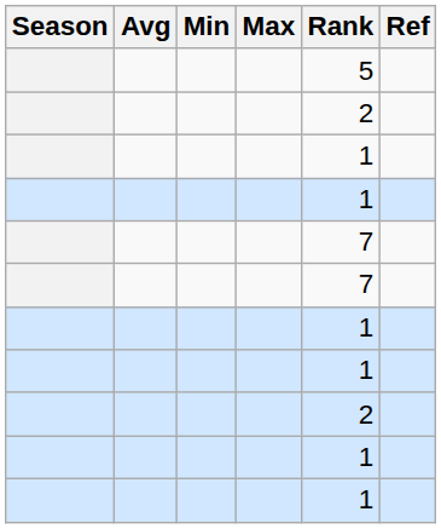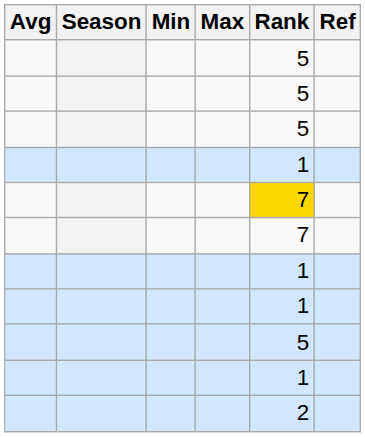 <table class="wikitable plainrowheaders sortable">
 <tr>
+<th scope=col>Avg</th>
 <th scope=col>Season</th>
-<th scope=col>Avg</th>
 <th scope=col>Min</th>
 <th scope=col>Max</th>
 <th scope=col>Rank</th>
 <th scope=col class="unsortable">Ref</th>
 </tr>
 <tr>
+<td stalign=right></td>
 <th scope=row align=right></th>
-<td stalign=right></td>
 <td align=right></td>
 <td align=right></td>
 <td align=right>5</td>
 <td align=center></td>
 </tr>
 <tr>
+<td align=right></td>
 <th scope=row align=right></th>
 <td align=right></td>
 <td align=right></td>
-<td align=right></td>
-<td align=right>2</td>
+<td align=right>5</td>
 <td align=center></td>
 </tr>
 <tr>
+<td align=right></td>
 <th scope=row align=right></th>
 <td align=right></td>
+<td align=right></td>
+<td align=right>5</td>
+<td align=center></td>
+</tr>
+<tr style="background-color: #D0E7FF">
+<td align=right></td>
+<th scope=row style="background-color: #D0E7FF" align=right></th>
+<td align=right></td>
+<td align=right></td>
+<td align=right>1</td>
+<td align=center></td>
+</tr>
+<tr>
+<td align=right></td>
+<th scope=row align=right></th>
+<td align=right></td>
+<td align=right></td>
+<td align=right style="background: gold;">7</td>
+<td align=center></td>
+</tr>
+<tr>
+<td align=right></td>
+<th scope=row align=right></th>
+<td align=right></td>
+<td align=right></td>
+<td align=right>7</td>
+<td align=center></td>
+</tr>
+<tr style="background-color: #D0E7FF">
+<td align=right></td>
+<th scope=row style="background-color: #D0E7FF" align=right></th>
 <td align=right></td>
 <td align=right></td>
 <td align=right>1</td>
 <td align=center></td>
 </tr>
 <tr style="background-color: #D0E7FF">
+<td align=right></td>
 <th scope=row style="background-color: #D0E7FF" align=right></th>
-<td align=right></td>
-<td align=right></td>
-<td align=right></td>
-<td align=right>1</td>
-<td align=center></td>
-</tr>
-<tr>
-<th scope=row align=right></th>
-<td align=right></td>
-<td align=right></td>
-<td align=right></td>
-<td align=right>7</td>
-<td align=center></td>
-</tr>
-<tr>
-<th scope=row align=right></th>
-<td align=right></td>
-<td align=right></td>
-<td align=right></td>
-<td align=right>7</td>
-<td align=center></td>
-</tr>
-<tr style="background-color: #D0E7FF">
-<th scope=row style="background-color: #D0E7FF" align=right></th>
-<td align=right></td>
 <td align=right></td>
 <td align=right></td>
 <td align=right>1</td>
 <td align=center></td>
 </tr>
 <tr style="background-color: #D0E7FF">
+<td align=right></td>
 <th scope=row style="background-color: #D0E7FF" align=right></th>
 <td align=right></td>
+<td align=right></td>
+<td align=right>5</td>
+<td align=center></td>
+</tr>
+<tr style="background-color: #D0E7FF">
+<td align=right></td>
+<th scope=row style="background-color: #D0E7FF" align=right></th>
 <td align=right></td>
 <td align=right></td>
 <td align=right>1</td>
 <td align=center></td>
 </tr>
 <tr style="background-color: #D0E7FF">
+<td align=right></td>
 <th scope=row style="background-color: #D0E7FF" align=right></th>
-<td align=right></td>
 <td align=right></td>
 <td align=right></td>
 <td align=right>2</td>
 <td align=center></td>
 </tr>
-<tr style="background-color: #D0E7FF">
-<th scope=row style="background-color: #D0E7FF" align=right></th>
-<td align=right></td>
-<td align=right></td>
-<td align=right></td>
-<td align=right>1</td>
-<td align=center></td>
-</tr>
-<tr style="background-color: #D0E7FF">
-<th scope=row style="background-color: #D0E7FF" align=right></th>
-<td align=right></td>
-<td align=right></td>
-<td align=right></td>
-<td align=right>1</td>
-<td align=center></td>
-</tr>
 </table>
